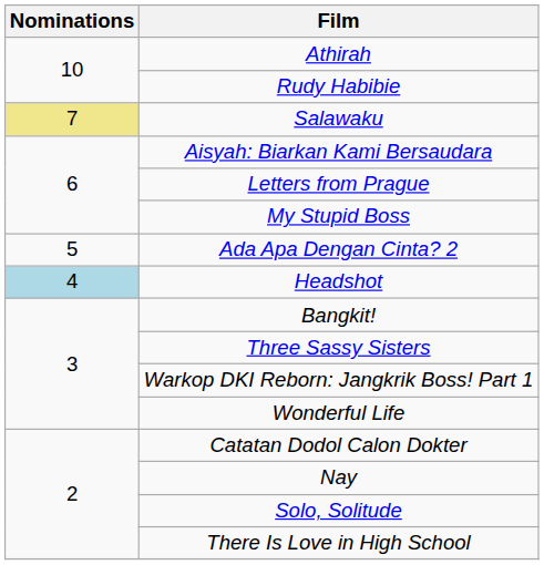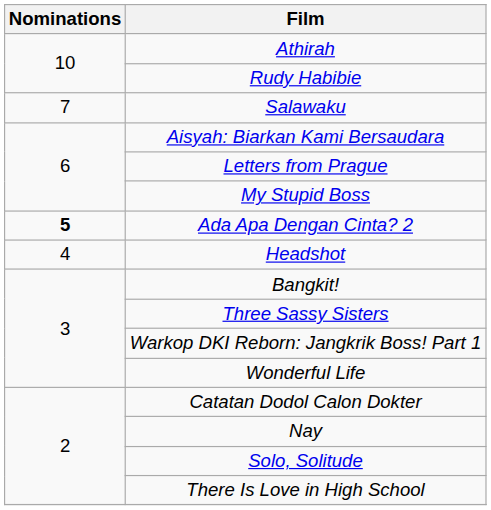 <table class="wikitable plainrowheaders" rowspan=2 style="text-align: center;">
 <tr>
 <th scope="col" style="width:55px;">Nominations</th>
 <th scope="col" style="text-align:center;">Film</th>
 </tr>
 <tr>
 <td rowspan="2">10</td>
 <td><em><a href='#'>Athirah</a></em></td>
 </tr>
 <tr>
 <td><em><a href='#'>Rudy Habibie</a></em></td>
 </tr>
 <tr>
-<td style="background: khaki;">7</td>
+<td>7</td>
 <td><em><a href='#'>Salawaku</a></em></td>
 </tr>
 <tr>
 <td rowspan="3">6</td>
 <td><em><a href='#'>Aisyah: Biarkan Kami Bersaudara</a></em></td>
 </tr>
 <tr>
 <td><em><a href='#'>Letters from Prague</a></em></td>
 </tr>
 <tr>
 <td><em><a href='#'>My Stupid Boss</a></em></td>
 </tr>
 <tr>
-<td>5</td>
+<td><strong>5</strong></td>
 <td><em><a href='#'>Ada Apa Dengan Cinta? 2</a></em></td>
 </tr>
 <tr>
-<td style="background: lightblue;">4</td>
+<td>4</td>
 <td><em><a href='#'>Headshot</a></em></td>
 </tr>
 <tr>
 <td rowspan="4">3</td>
 <td><em>Bangkit!</em></td>
 </tr>
 <tr>
 <td><em><a href='#'>Three Sassy Sisters</a></em></td>
 </tr>
 <tr>
 <td><em>Warkop DKI Reborn: Jangkrik Boss! Part 1</em></td>
 </tr>
 <tr>
 <td><em>Wonderful Life</em></td>
 </tr>
 <tr>
 <td rowspan="4">2</td>
 <td><em>Catatan Dodol Calon Dokter</em></td>
 </tr>
 <tr>
 <td><em>Nay</em></td>
 </tr>
 <tr>
 <td><em><a href='#'>Solo, Solitude</a></em></td>
 </tr>
 <tr>
 <td><em>There Is Love in High School</em></td>
 </tr>
 <tr>
 </tr>
 </table>
